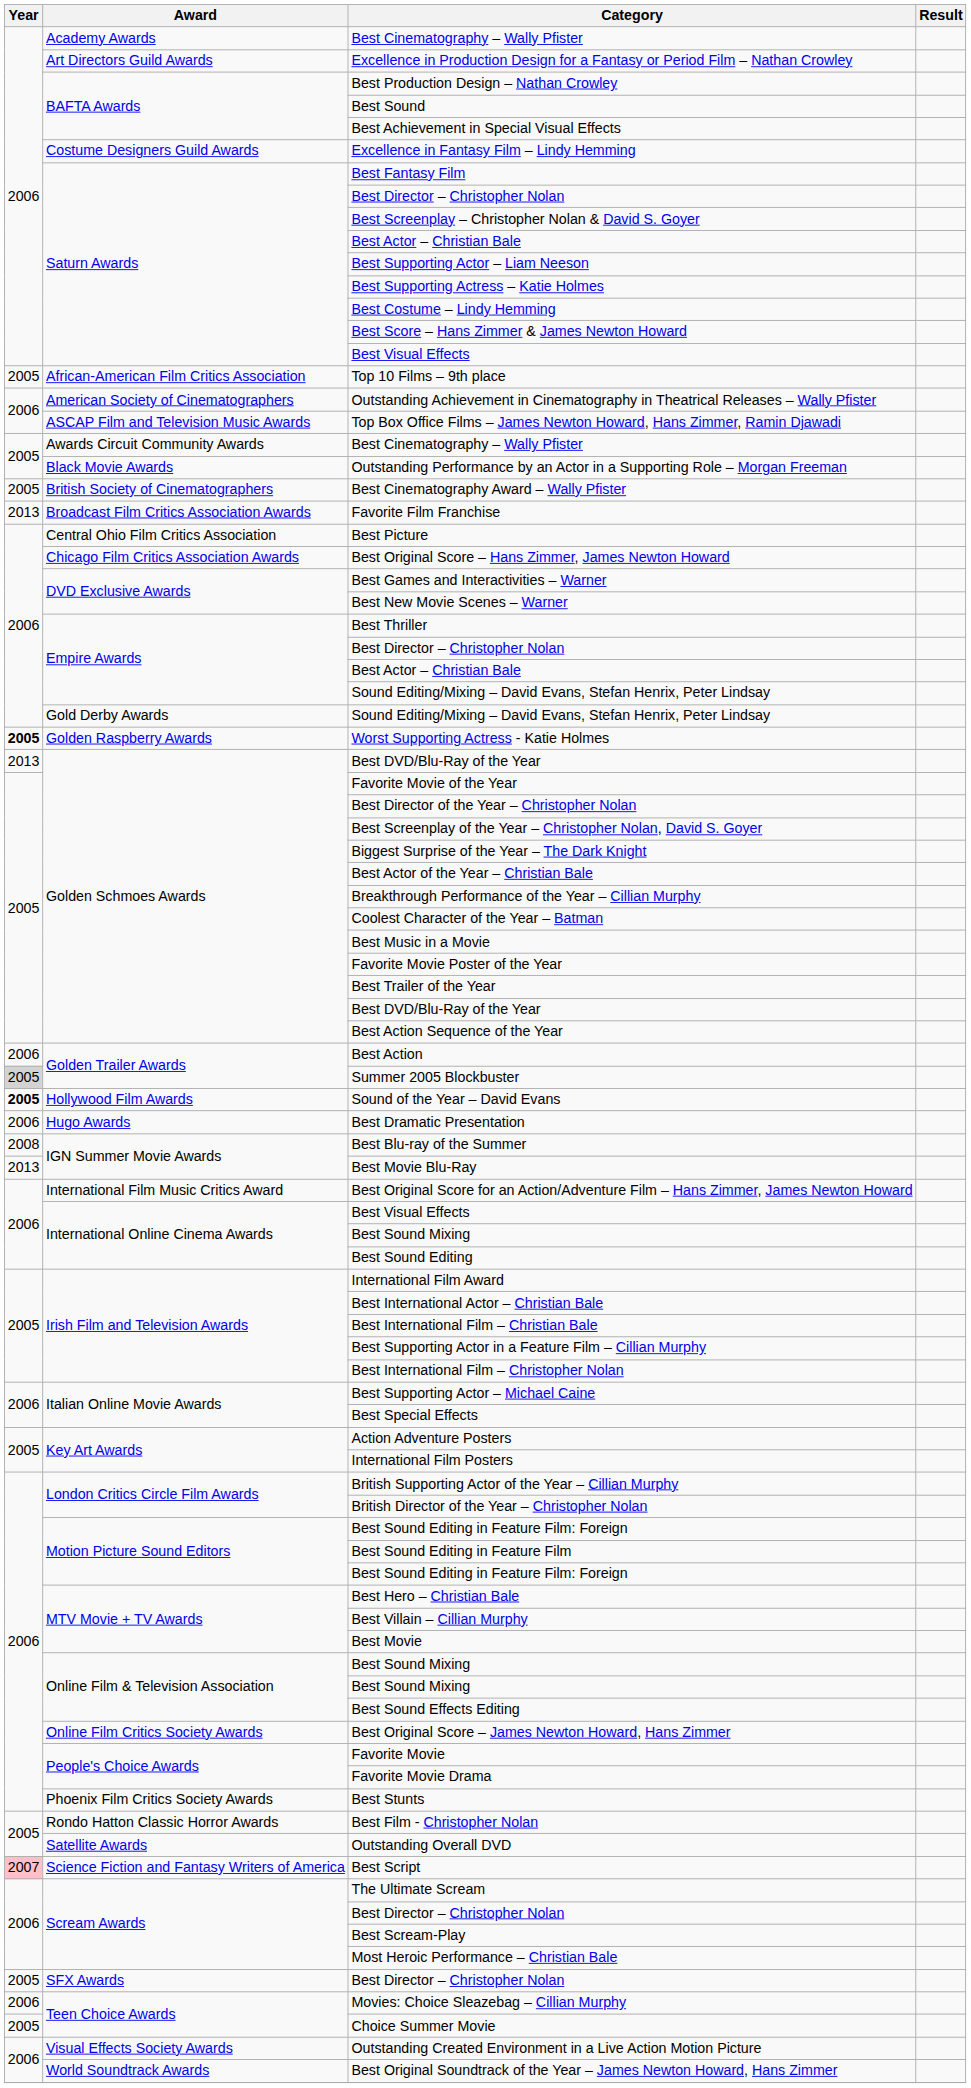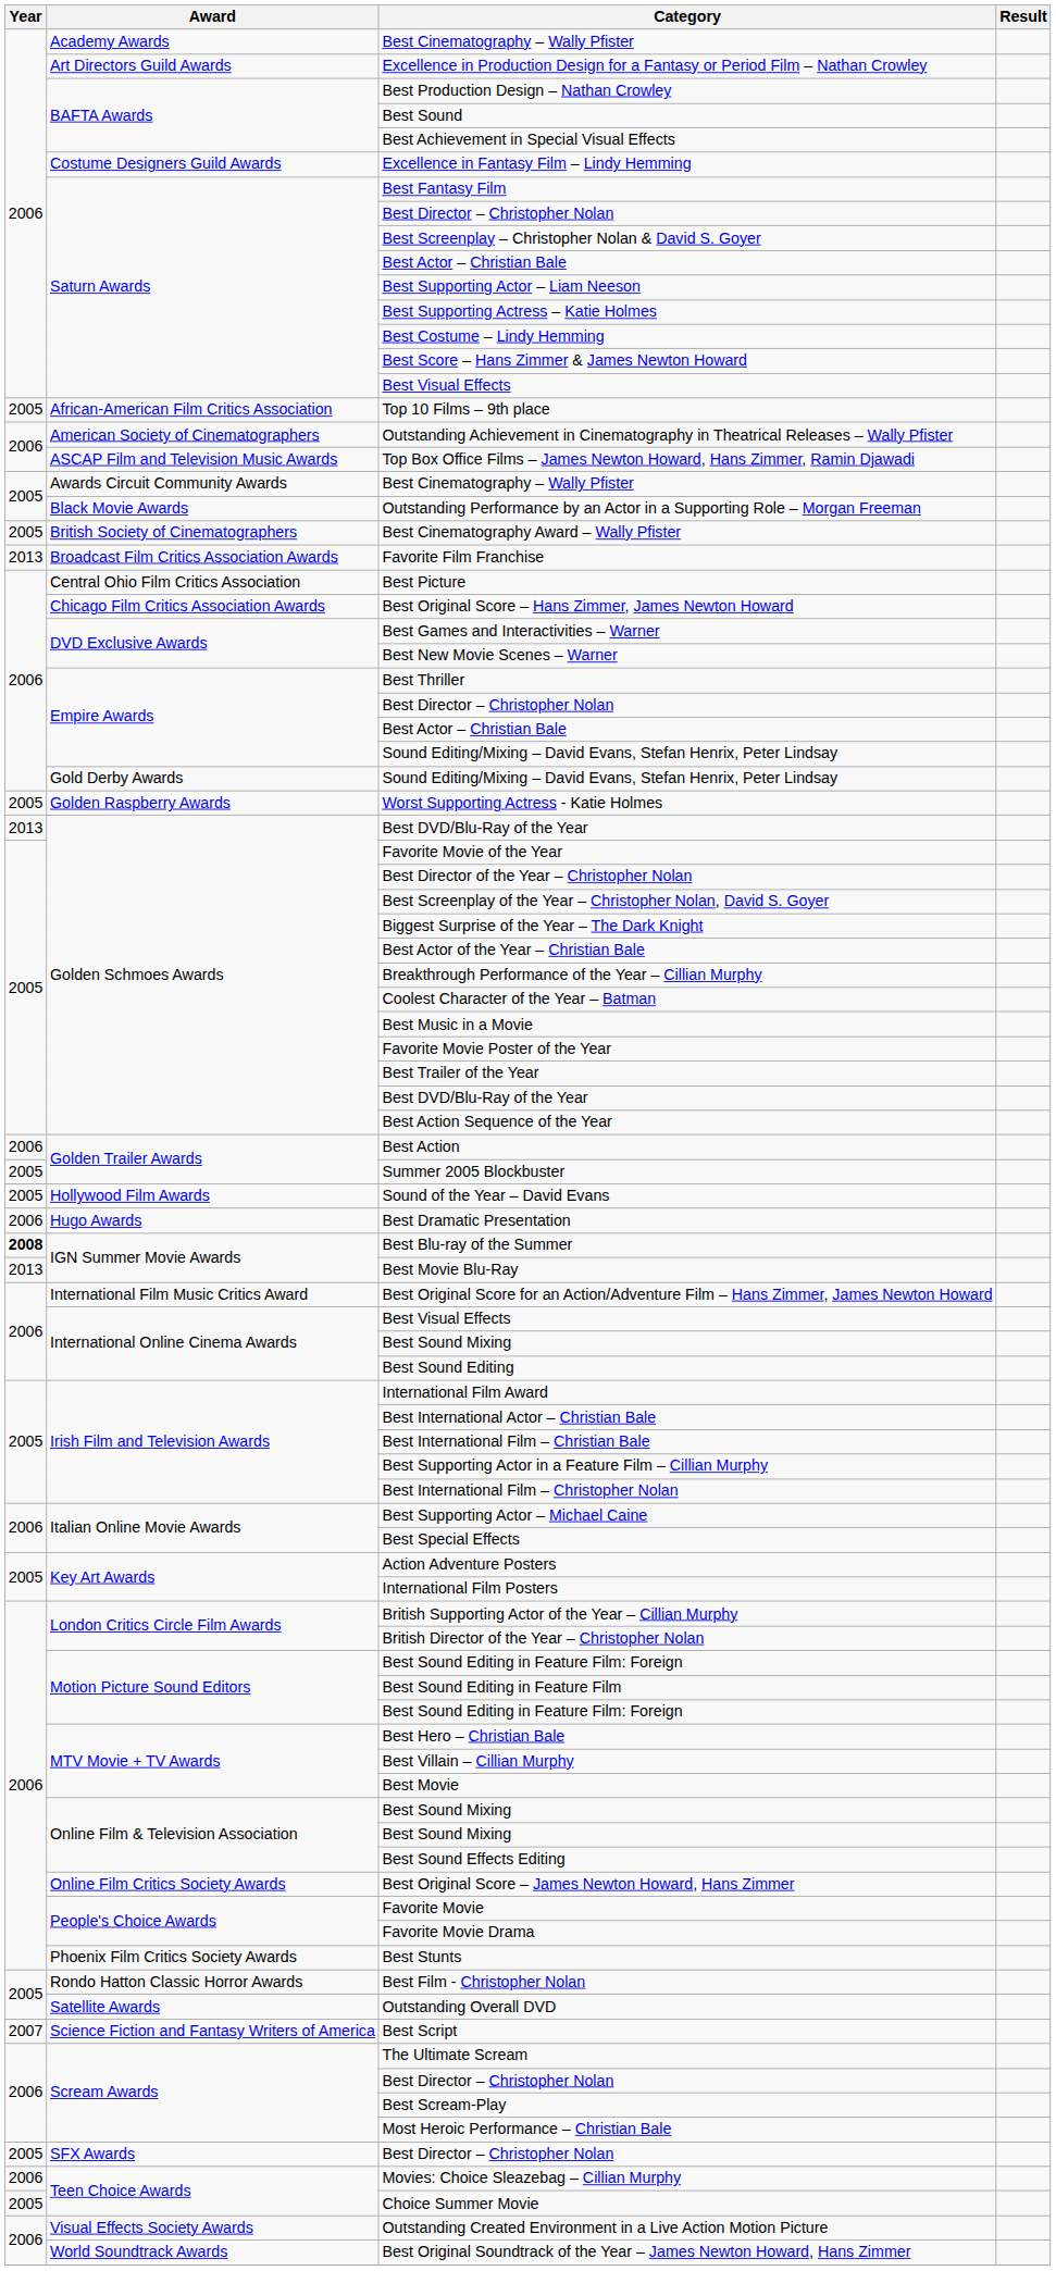 <table class="wikitable sortable">
 <tr>
 <th>Year</th>
 <th>Award</th>
 <th>Category</th>
 <th>Result</th>
 </tr>
 <tr>
 <td rowspan="15">2006</td>
 <td><a href='#'>Academy Awards</a></td>
 <td><a href='#'>Best Cinematography</a> – <a href='#'>Wally Pfister</a></td>
 <td></td>
 </tr>
 <tr>
 <td><a href='#'>Art Directors Guild Awards</a></td>
 <td><a href='#'>Excellence in Production Design for a Fantasy or Period Film</a> – <a href='#'>Nathan Crowley</a></td>
 <td></td>
 </tr>
 <tr>
 <td rowspan="3"><a href='#'>BAFTA Awards</a></td>
 <td>Best Production Design – <a href='#'>Nathan Crowley</a></td>
 <td></td>
 </tr>
 <tr>
 <td>Best Sound</td>
 <td></td>
 </tr>
 <tr>
 <td>Best Achievement in Special Visual Effects</td>
 <td></td>
 </tr>
 <tr>
 <td><a href='#'>Costume Designers Guild Awards</a></td>
 <td><a href='#'>Excellence in Fantasy Film</a> – <a href='#'>Lindy Hemming</a></td>
 <td></td>
 </tr>
 <tr>
 <td rowspan="9"><a href='#'>Saturn Awards</a></td>
 <td><a href='#'>Best Fantasy Film</a></td>
 <td></td>
 </tr>
 <tr>
 <td><a href='#'>Best Director</a> – <a href='#'>Christopher Nolan</a></td>
 <td></td>
 </tr>
 <tr>
 <td><a href='#'>Best Screenplay</a> – Christopher Nolan & <a href='#'>David S. Goyer</a></td>
 <td></td>
 </tr>
 <tr>
 <td><a href='#'>Best Actor</a> – <a href='#'>Christian Bale</a></td>
 <td></td>
 </tr>
 <tr>
 <td><a href='#'>Best Supporting Actor</a> – <a href='#'>Liam Neeson</a></td>
 <td></td>
 </tr>
 <tr>
 <td><a href='#'>Best Supporting Actress</a> – <a href='#'>Katie Holmes</a></td>
 <td></td>
 </tr>
 <tr>
 <td><a href='#'>Best Costume</a> – <a href='#'>Lindy Hemming</a></td>
 <td></td>
 </tr>
 <tr>
 <td><a href='#'>Best Score</a> – <a href='#'>Hans Zimmer</a> & <a href='#'>James Newton Howard</a></td>
 <td></td>
 </tr>
 <tr>
 <td><a href='#'>Best Visual Effects</a></td>
 <td></td>
 </tr>
 <tr>
 <td>2005</td>
 <td><a href='#'>African-American Film Critics Association</a></td>
 <td>Top 10 Films – 9th place</td>
 <td></td>
 </tr>
 <tr>
 <td rowspan="2">2006</td>
 <td><a href='#'>American Society of Cinematographers</a></td>
 <td>Outstanding Achievement in Cinematography in Theatrical Releases – <a href='#'>Wally Pfister</a></td>
 <td></td>
 </tr>
 <tr>
 <td><a href='#'>ASCAP Film and Television Music Awards</a></td>
 <td>Top Box Office Films – <a href='#'>James Newton Howard</a>, <a href='#'>Hans Zimmer</a>, <a href='#'>Ramin Djawadi</a></td>
 <td></td>
 </tr>
 <tr>
 <td rowspan="2">2005</td>
 <td>Awards Circuit Community Awards</td>
 <td>Best Cinematography – <a href='#'>Wally Pfister</a></td>
 <td></td>
 </tr>
 <tr>
 <td><a href='#'>Black Movie Awards</a></td>
 <td>Outstanding Performance by an Actor in a Supporting Role – <a href='#'>Morgan Freeman</a></td>
 <td></td>
 </tr>
 <tr>
 <td>2005</td>
 <td><a href='#'>British Society of Cinematographers</a></td>
 <td>Best Cinematography Award – <a href='#'>Wally Pfister</a></td>
 <td></td>
 </tr>
 <tr>
 <td>2013</td>
 <td><a href='#'>Broadcast Film Critics Association Awards</a></td>
 <td>Favorite Film Franchise</td>
 <td></td>
 </tr>
 <tr>
 <td rowspan="9">2006</td>
 <td>Central Ohio Film Critics Association</td>
 <td>Best Picture</td>
 <td></td>
 </tr>
 <tr>
 <td><a href='#'>Chicago Film Critics Association Awards</a></td>
 <td>Best Original Score – <a href='#'>Hans Zimmer</a>, <a href='#'>James Newton Howard</a></td>
 <td></td>
 </tr>
 <tr>
 <td rowspan="2"><a href='#'>DVD Exclusive Awards</a></td>
 <td>Best Games and Interactivities – <a href='#'>Warner</a></td>
 <td></td>
 </tr>
 <tr>
 <td>Best New Movie Scenes – <a href='#'>Warner</a></td>
 <td></td>
 </tr>
 <tr>
 <td rowspan="4"><a href='#'>Empire Awards</a></td>
 <td>Best Thriller</td>
 <td></td>
 </tr>
 <tr>
 <td>Best Director – <a href='#'>Christopher Nolan</a></td>
 <td></td>
 </tr>
 <tr>
 <td>Best Actor – <a href='#'>Christian Bale</a></td>
 <td></td>
 </tr>
 <tr>
 <td>Sound Editing/Mixing – David Evans, Stefan Henrix, Peter Lindsay</td>
 <td></td>
 </tr>
 <tr>
 <td>Gold Derby Awards</td>
 <td>Sound Editing/Mixing – David Evans, Stefan Henrix, Peter Lindsay</td>
 <td></td>
 </tr>
 <tr>
-<td><strong>2005</strong></td>
+<td>2005</td>
 <td><a href='#'>Golden Raspberry Awards</a></td>
 <td><a href='#'>Worst Supporting Actress</a> - Katie Holmes</td>
 <td></td>
 </tr>
 <tr>
 <td>2013</td>
 <td rowspan="13">Golden Schmoes Awards</td>
 <td>Best DVD/Blu-Ray of the Year</td>
 <td></td>
 </tr>
 <tr>
 <td rowspan="12">2005</td>
 <td>Favorite Movie of the Year</td>
 <td></td>
 </tr>
 <tr>
 <td>Best Director of the Year – <a href='#'>Christopher Nolan</a></td>
 <td></td>
 </tr>
 <tr>
 <td>Best Screenplay of the Year – <a href='#'>Christopher Nolan</a>, <a href='#'>David S. Goyer</a></td>
 <td></td>
 </tr>
 <tr>
 <td>Biggest Surprise of the Year – <a href='#'>The Dark Knight</a></td>
 <td></td>
 </tr>
 <tr>
 <td>Best Actor of the Year – <a href='#'>Christian Bale</a></td>
 <td></td>
 </tr>
 <tr>
 <td>Breakthrough Performance of the Year – <a href='#'>Cillian Murphy</a></td>
 <td></td>
 </tr>
 <tr>
 <td>Coolest Character of the Year – <a href='#'>Batman</a></td>
 <td></td>
 </tr>
 <tr>
 <td>Best Music in a Movie</td>
 <td></td>
 </tr>
 <tr>
 <td>Favorite Movie Poster of the Year</td>
 <td></td>
 </tr>
 <tr>
 <td>Best Trailer of the Year</td>
 <td></td>
 </tr>
 <tr>
 <td>Best DVD/Blu-Ray of the Year</td>
 <td></td>
 </tr>
 <tr>
 <td>Best Action Sequence of the Year</td>
 <td></td>
 </tr>
 <tr>
 <td>2006</td>
 <td rowspan="2"><a href='#'>Golden Trailer Awards</a></td>
 <td>Best Action</td>
 <td></td>
 </tr>
 <tr>
-<td style="background: lightgrey;">2005</td>
+<td>2005</td>
 <td>Summer 2005 Blockbuster</td>
 <td></td>
 </tr>
 <tr>
-<td><strong>2005</strong></td>
+<td>2005</td>
 <td><a href='#'>Hollywood Film Awards</a></td>
 <td>Sound of the Year – David Evans</td>
 <td></td>
 </tr>
 <tr>
 <td>2006</td>
 <td><a href='#'>Hugo Awards</a></td>
 <td>Best Dramatic Presentation</td>
 <td></td>
 </tr>
 <tr>
-<td>2008</td>
+<td><strong>2008</strong></td>
 <td rowspan="2">IGN Summer Movie Awards</td>
 <td>Best Blu-ray of the Summer</td>
 <td></td>
 </tr>
 <tr>
 <td>2013</td>
 <td>Best Movie Blu-Ray</td>
 <td></td>
 </tr>
 <tr>
 <td rowspan="4">2006</td>
 <td>International Film Music Critics Award</td>
 <td>Best Original Score for an Action/Adventure Film – <a href='#'>Hans Zimmer</a>, <a href='#'>James Newton Howard</a></td>
 <td></td>
 </tr>
 <tr>
 <td rowspan="3">International Online Cinema Awards</td>
 <td>Best Visual Effects</td>
 <td></td>
 </tr>
 <tr>
 <td>Best Sound Mixing</td>
 <td></td>
 </tr>
 <tr>
 <td>Best Sound Editing</td>
 <td></td>
 </tr>
 <tr>
 <td rowspan="5">2005</td>
 <td rowspan="5"><a href='#'>Irish Film and Television Awards</a></td>
 <td>International Film Award</td>
 <td></td>
 </tr>
 <tr>
 <td>Best International Actor – <a href='#'>Christian Bale</a></td>
 <td></td>
 </tr>
 <tr>
 <td>Best International Film – <a href='#'>Christian Bale</a></td>
 <td></td>
 </tr>
 <tr>
 <td>Best Supporting Actor in a Feature Film – <a href='#'>Cillian Murphy</a></td>
 <td></td>
 </tr>
 <tr>
 <td>Best International Film – <a href='#'>Christopher Nolan</a></td>
 <td></td>
 </tr>
 <tr>
 <td rowspan="2">2006</td>
 <td rowspan="2">Italian Online Movie Awards</td>
 <td>Best Supporting Actor – <a href='#'>Michael Caine</a></td>
 <td></td>
 </tr>
 <tr>
 <td>Best Special Effects</td>
 <td></td>
 </tr>
 <tr>
 <td rowspan="2">2005</td>
 <td rowspan="2"><a href='#'>Key Art Awards</a></td>
 <td>Action Adventure Posters</td>
 <td></td>
 </tr>
 <tr>
 <td>International Film Posters</td>
 <td></td>
 </tr>
 <tr>
 <td rowspan="15">2006</td>
 <td rowspan="2"><a href='#'>London Critics Circle Film Awards</a></td>
 <td>British Supporting Actor of the Year – <a href='#'>Cillian Murphy</a></td>
 <td></td>
 </tr>
 <tr>
 <td>British Director of the Year – <a href='#'>Christopher Nolan</a></td>
 <td></td>
 </tr>
 <tr>
 <td rowspan="3"><a href='#'>Motion Picture Sound Editors</a></td>
 <td>Best Sound Editing in Feature Film: Foreign</td>
 <td></td>
 </tr>
 <tr>
 <td>Best Sound Editing in Feature Film</td>
 <td></td>
 </tr>
 <tr>
 <td>Best Sound Editing in Feature Film: Foreign</td>
 <td></td>
 </tr>
 <tr>
 <td rowspan="3"><a href='#'>MTV Movie + TV Awards</a></td>
 <td>Best Hero – <a href='#'>Christian Bale</a></td>
 <td></td>
 </tr>
 <tr>
 <td>Best Villain – <a href='#'>Cillian Murphy</a></td>
 <td></td>
 </tr>
 <tr>
 <td>Best Movie</td>
 <td></td>
 </tr>
 <tr>
 <td rowspan="3">Online Film & Television Association</td>
 <td>Best Sound Mixing</td>
 <td></td>
 </tr>
 <tr>
 <td>Best Sound Mixing</td>
 <td></td>
 </tr>
 <tr>
 <td>Best Sound Effects Editing</td>
 <td></td>
 </tr>
 <tr>
 <td><a href='#'>Online Film Critics Society Awards</a></td>
 <td>Best Original Score – <a href='#'>James Newton Howard</a>, <a href='#'>Hans Zimmer</a></td>
 <td></td>
 </tr>
 <tr>
 <td rowspan="2"><a href='#'>People's Choice Awards</a></td>
 <td>Favorite Movie</td>
 <td></td>
 </tr>
 <tr>
 <td>Favorite Movie Drama</td>
 <td></td>
 </tr>
 <tr>
 <td>Phoenix Film Critics Society Awards</td>
 <td>Best Stunts</td>
 <td></td>
 </tr>
 <tr>
 <td rowspan="2">2005</td>
 <td>Rondo Hatton Classic Horror Awards</td>
 <td>Best Film - <a href='#'>Christopher Nolan</a></td>
 <td></td>
 </tr>
 <tr>
 <td><a href='#'>Satellite Awards</a></td>
 <td>Outstanding Overall DVD</td>
 <td></td>
 </tr>
 <tr>
-<td style="background: pink;">2007</td>
+<td>2007</td>
 <td><a href='#'>Science Fiction and Fantasy Writers of America</a></td>
 <td>Best Script</td>
 <td></td>
 </tr>
 <tr>
 <td rowspan="4">2006</td>
 <td rowspan="4"><a href='#'>Scream Awards</a></td>
 <td>The Ultimate Scream</td>
 <td></td>
 </tr>
 <tr>
 <td>Best Director – <a href='#'>Christopher Nolan</a></td>
 <td></td>
 </tr>
 <tr>
 <td>Best Scream-Play</td>
 <td></td>
 </tr>
 <tr>
 <td>Most Heroic Performance – <a href='#'>Christian Bale</a></td>
 <td></td>
 </tr>
 <tr>
 <td>2005</td>
 <td><a href='#'>SFX Awards</a></td>
 <td>Best Director – <a href='#'>Christopher Nolan</a></td>
 <td></td>
 </tr>
 <tr>
 <td>2006</td>
 <td rowspan="2"><a href='#'>Teen Choice Awards</a></td>
 <td>Movies: Choice Sleazebag – <a href='#'>Cillian Murphy</a></td>
 <td></td>
 </tr>
 <tr>
 <td>2005</td>
 <td>Choice Summer Movie</td>
 <td></td>
 </tr>
 <tr>
 <td rowspan="2">2006</td>
 <td><a href='#'>Visual Effects Society Awards</a></td>
 <td>Outstanding Created Environment in a Live Action Motion Picture</td>
 <td></td>
 </tr>
 <tr>
 <td><a href='#'>World Soundtrack Awards</a></td>
 <td>Best Original Soundtrack of the Year – <a href='#'>James Newton Howard</a>, <a href='#'>Hans Zimmer</a></td>
 <td></td>
 </tr>
 <tr>
 </tr>
 </table>
